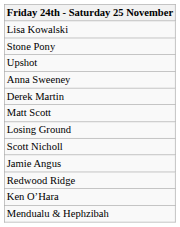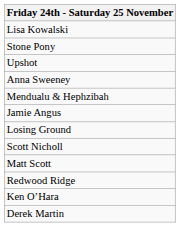 <table class="wikitable">
 <tr>
 <th>Friday 24th - Saturday 25 November</th>
 </tr>
 <tr>
 <td>Lisa Kowalski</td>
 </tr>
 <tr>
 <td>Stone Pony</td>
 </tr>
 <tr>
 <td>Upshot</td>
 </tr>
 <tr>
 <td>Anna Sweeney</td>
 </tr>
 <tr>
-<td>Derek Martin</td>
+<td>Mendualu & Hephzibah</td>
 </tr>
 <tr>
-<td>Matt Scott</td>
+<td>Jamie Angus</td>
 </tr>
 <tr>
 <td>Losing Ground</td>
 </tr>
 <tr>
 <td>Scott Nicholl</td>
 </tr>
 <tr>
-<td>Jamie Angus</td>
+<td>Matt Scott</td>
 </tr>
 <tr>
 <td>Redwood Ridge</td>
 </tr>
 <tr>
 <td>Ken O’Hara</td>
 </tr>
 <tr>
-<td>Mendualu & Hephzibah</td>
+<td>Derek Martin</td>
 </tr>
 </table>
